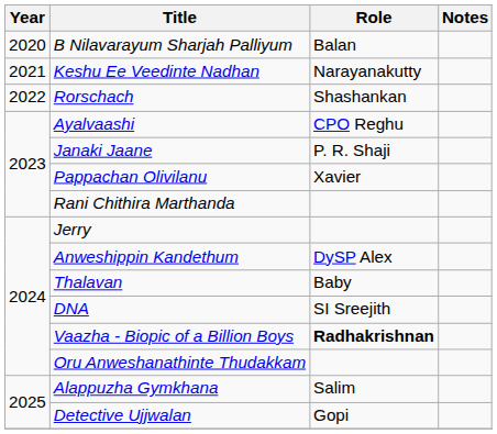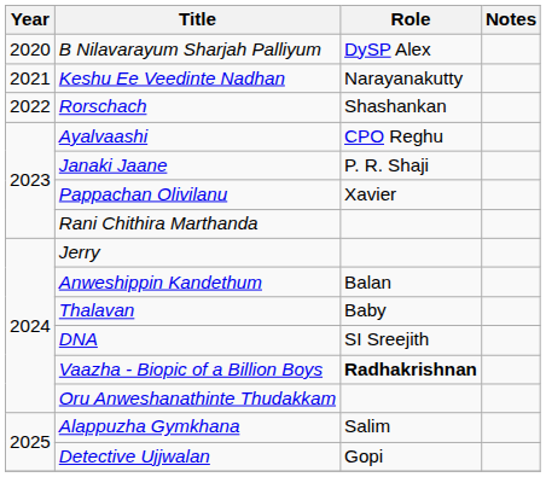 <table class="wikitable sortable">
 <tr>
 <th>Year</th>
 <th>Title</th>
 <th>Role</th>
 <th class="unsortable">Notes</th>
 </tr>
 <tr>
 <td>2020</td>
 <td><em>B Nilavarayum Sharjah Palliyum</em></td>
-<td>Balan</td>
+<td><a href='#'>DySP</a> Alex</td>
 <td></td>
 </tr>
 <tr>
 <td>2021</td>
 <td><em><a href='#'>Keshu Ee Veedinte Nadhan</a></em></td>
 <td>Narayanakutty</td>
 <td></td>
 </tr>
 <tr>
 <td>2022</td>
 <td><em><a href='#'>Rorschach</a></em></td>
 <td>Shashankan</td>
 <td></td>
 </tr>
 <tr>
 <td rowspan=4>2023</td>
 <td><em><a href='#'>Ayalvaashi</a></em></td>
 <td><a href='#'>CPO</a> Reghu</td>
 <td></td>
 </tr>
 <tr>
 <td><em><a href='#'>Janaki Jaane</a></em></td>
 <td>P. R. Shaji</td>
 <td></td>
 </tr>
 <tr>
 <td><em><a href='#'>Pappachan Olivilanu</a></em></td>
 <td>Xavier</td>
 <td></td>
 </tr>
 <tr>
 <td><em>Rani Chithira Marthanda</em></td>
 <td></td>
 <td></td>
 </tr>
 <tr>
 <td rowspan=6>2024</td>
 <td><em>Jerry</em></td>
 <td></td>
 <td></td>
 </tr>
 <tr>
 <td><em><a href='#'>Anweshippin Kandethum</a></em></td>
-<td><a href='#'>DySP</a> Alex</td>
+<td>Balan</td>
 <td></td>
 </tr>
 <tr>
 <td><em><a href='#'>Thalavan</a></em></td>
 <td>Baby</td>
 <td></td>
 </tr>
 <tr>
 <td><em><a href='#'>DNA</a></em></td>
 <td>SI Sreejith</td>
 <td></td>
 </tr>
 <tr>
 <td><em><a href='#'>Vaazha - Biopic of a Billion Boys</a></em></td>
 <td><strong>Radhakrishnan</strong></td>
 <td></td>
 </tr>
 <tr>
 <td><em><a href='#'>Oru Anweshanathinte Thudakkam</a></em></td>
 <td></td>
 <td></td>
 </tr>
 <tr>
 <td rowspan=2>2025</td>
 <td><em><a href='#'>Alappuzha Gymkhana</a></em></td>
 <td>Salim</td>
 <td></td>
 </tr>
 <tr>
 <td><em><a href='#'>Detective Ujjwalan</a></em></td>
 <td>Gopi</td>
 <td></td>
 </tr>
 <tr>
 </tr>
 </table>
